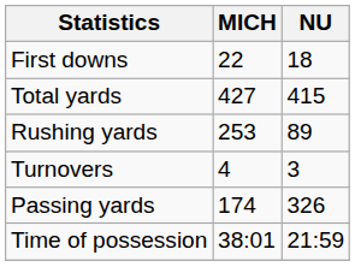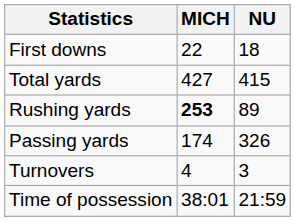 <table class="wikitable">
 <tr>
 <th>Statistics</th>
 <th>MICH</th>
 <th>NU</th>
 </tr>
 <tr>
 <td>First downs</td>
 <td>22</td>
 <td>18</td>
 </tr>
 <tr>
 <td>Total yards</td>
 <td>427</td>
 <td>415</td>
 </tr>
 <tr>
 <td>Rushing yards</td>
-<td>253</td>
+<td><strong>253</strong></td>
 <td>89</td>
+</tr>
+<tr>
+<td>Passing yards</td>
+<td>174</td>
+<td>326</td>
 </tr>
 <tr>
 <td>Turnovers</td>
 <td>4</td>
 <td>3</td>
-</tr>
-<tr>
-<td>Passing yards</td>
-<td>174</td>
-<td>326</td>
 </tr>
 <tr>
 <td>Time of possession</td>
 <td>38:01</td>
 <td>21:59</td>
 </tr>
 <tr>
 </tr>
 </table>
